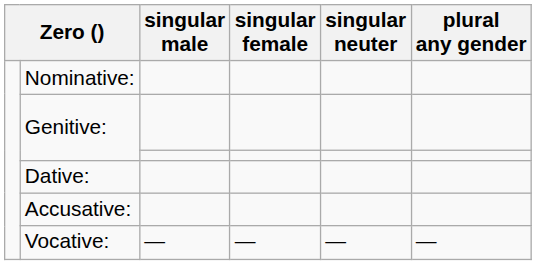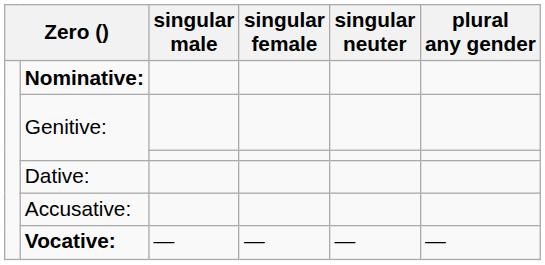 <table class="wikitable">
 <tr>
 <th colspan="2"><strong>Zero (<em></em>)</strong></th>
 <th>singular <br> male</th>
 <th>singular <br> female</th>
 <th>singular <br> neuter</th>
 <th>plural <br> any gender</th>
 </tr>
 <tr>
 <td rowspan="6" style="width:5en"> </td>
-<td>Nominative:</td>
+<td><strong>Nominative:</strong></td>
 <td><em></em> <br> <em></em></td>
 <td><em></em> <br> <em></em></td>
 <td><em></em> <br> <em></em></td>
 <td><em></em> <br> <em></em></td>
 </tr>
 <tr>
 <td rowspan="2">Genitive:</td>
 <td><em></em></td>
 <td><em></em></td>
 <td><em></em></td>
 <td><em></em> <br> <em></em> <br> <em></em></td>
 </tr>
 <tr>
 <td><em></em></td>
 <td><em></em></td>
 <td><em></em></td>
 <td><em></em></td>
 </tr>
 <tr>
 <td>Dative:</td>
 <td><em></em></td>
 <td><em></em></td>
 <td><em></em></td>
 <td><em></em></td>
 </tr>
 <tr>
 <td>Accusative:</td>
 <td><em></em></td>
 <td><em></em></td>
 <td><em></em> <br> <em></em></td>
 <td><em></em> <br> <em></em></td>
 </tr>
 <tr>
-<td>Vocative:</td>
+<td><strong>Vocative:</strong></td>
 <td>—</td>
 <td>—</td>
 <td>—</td>
 <td>—</td>
 </tr>
 </table>
